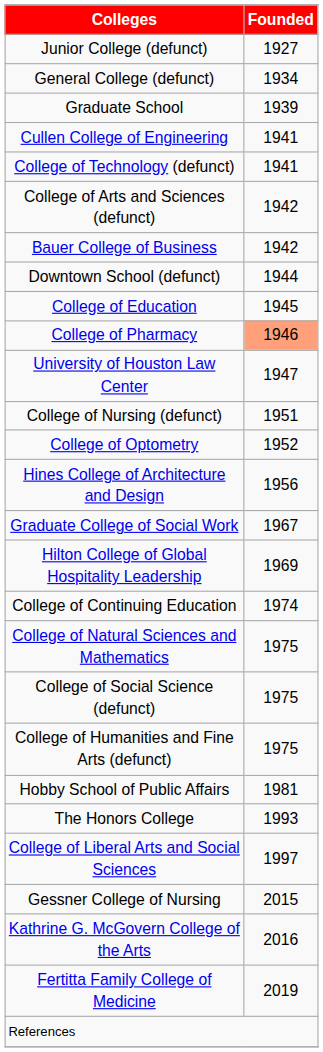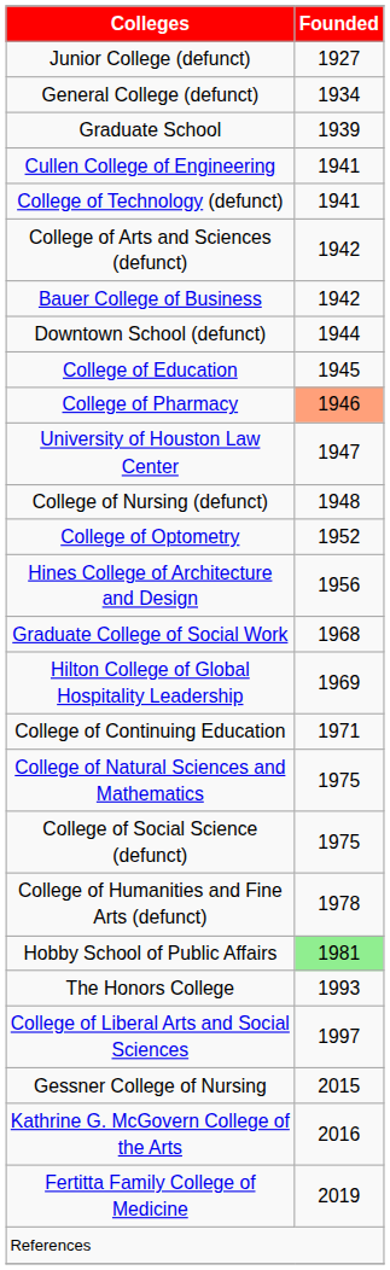 <table class="wikitable" style="float:right; margin-left:1em; font-size:90%; line-height:1.4em; width:20em;">
 <tr>
 </tr>
 <tr style="background:red; color:white; text-align:center;">
 <td><strong>Colleges</strong></td>
 <td><strong>Founded</strong></td>
 </tr>
 <tr style="text-align:center;">
 <td>Junior College (defunct)</td>
 <td>1927</td>
 </tr>
 <tr style="text-align:center;">
 <td>General College (defunct)</td>
 <td>1934</td>
 </tr>
 <tr style="text-align:center;">
 <td>Graduate School</td>
 <td>1939</td>
 </tr>
 <tr style="text-align:center;">
 <td><a href='#'>Cullen College of Engineering</a></td>
 <td>1941</td>
 </tr>
 <tr style="text-align:center;">
 <td><a href='#'>College of Technology</a> (defunct)</td>
 <td>1941</td>
 </tr>
 <tr style="text-align:center;">
 <td>College of Arts and Sciences (defunct)</td>
 <td>1942</td>
 </tr>
 <tr style="text-align:center;">
 <td><a href='#'>Bauer College of Business</a></td>
 <td>1942</td>
 </tr>
 <tr style="text-align:center;">
 <td>Downtown School (defunct)</td>
 <td>1944</td>
 </tr>
 <tr style="text-align:center;">
 <td><a href='#'>College of Education</a></td>
 <td>1945</td>
 </tr>
 <tr style="text-align:center;">
 <td><a href='#'>College of Pharmacy</a></td>
 <td style="background: lightsalmon;">1946</td>
 </tr>
 <tr style="text-align:center;">
 <td><a href='#'>University of Houston Law Center</a></td>
 <td>1947</td>
 </tr>
 <tr style="text-align:center;">
 <td>College of Nursing (defunct)</td>
-<td>1951</td>
+<td>1948</td>
 </tr>
 <tr style="text-align:center;">
 <td><a href='#'>College of Optometry</a></td>
 <td>1952</td>
 </tr>
 <tr style="text-align:center;">
 <td><a href='#'>Hines College of Architecture and Design</a></td>
 <td>1956</td>
 </tr>
 <tr style="text-align:center;">
 <td><a href='#'>Graduate College of Social Work</a></td>
-<td>1967</td>
+<td>1968</td>
 </tr>
 <tr style="text-align:center;">
 <td><a href='#'>Hilton College of Global Hospitality Leadership</a></td>
 <td>1969</td>
 </tr>
 <tr style="text-align:center;">
 <td>College of Continuing Education</td>
-<td>1974</td>
+<td>1971</td>
 </tr>
 <tr style="text-align:center;">
 <td><a href='#'>College of Natural Sciences and Mathematics</a></td>
 <td>1975</td>
 </tr>
 <tr style="text-align:center;">
 <td>College of Social Science (defunct)</td>
 <td>1975</td>
 </tr>
 <tr style="text-align:center;">
 <td>College of Humanities and Fine Arts (defunct)</td>
-<td>1975</td>
+<td>1978</td>
 </tr>
 <tr style="text-align:center;">
 <td>Hobby School of Public Affairs</td>
-<td>1981</td>
+<td style="background: lightgreen;">1981</td>
 </tr>
 <tr style="text-align:center;">
 <td>The Honors College</td>
 <td>1993</td>
 </tr>
 <tr style="text-align:center;">
 <td><a href='#'>College of Liberal Arts and Social Sciences</a></td>
 <td>1997</td>
 </tr>
 <tr style="text-align:center;">
 <td>Gessner College of Nursing</td>
 <td>2015</td>
 </tr>
 <tr style="text-align:center;">
 <td><a href='#'>Kathrine G. McGovern College of the Arts</a></td>
 <td>2016</td>
 </tr>
 <tr style="text-align:center;">
 <td><a href='#'>Fertitta Family College of Medicine</a></td>
 <td>2019</td>
 </tr>
 <tr>
 <td colspan="2"><small>References</small></td>
 </tr>
 <tr>
 </tr>
 </table>
